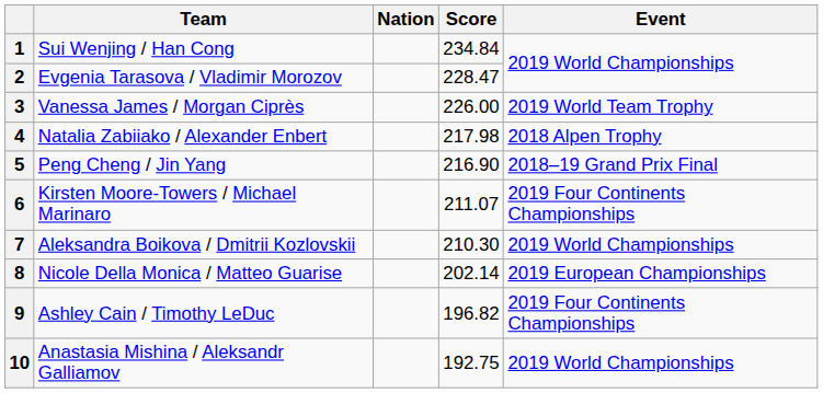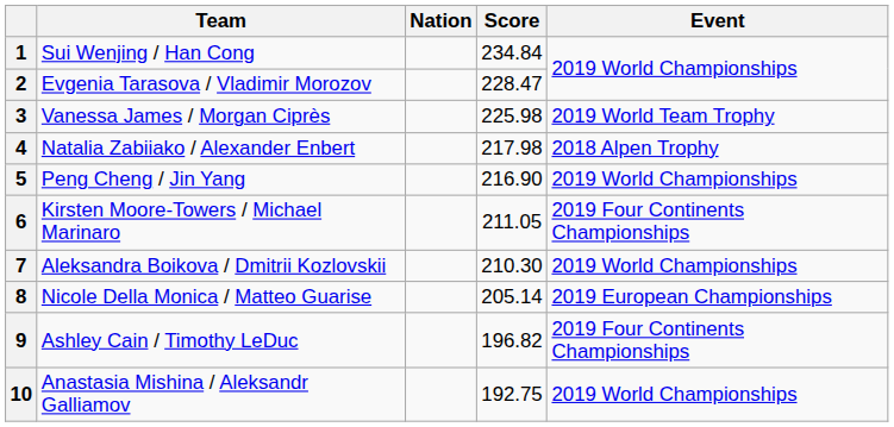 <table class="wikitable sortable" style="text-align:left; width:80%">
 <tr>
 <th scope="col"></th>
 <th scope="col">Team</th>
 <th scope="col">Nation</th>
 <th scope="col">Score</th>
 <th scope="col">Event</th>
 </tr>
 <tr>
 <th scope="row">1</th>
 <td><a href='#'>Sui Wenjing</a> / <a href='#'>Han Cong</a></td>
 <td></td>
 <td style="text-align:center;">234.84</td>
 <td rowspan="2"><a href='#'>2019 World Championships</a></td>
 </tr>
 <tr>
 <th scope="row">2</th>
 <td><a href='#'>Evgenia Tarasova</a> / <a href='#'>Vladimir Morozov</a></td>
 <td></td>
 <td style="text-align:center;">228.47</td>
 </tr>
 <tr>
 <th scope="row">3</th>
 <td><a href='#'>Vanessa James</a> / <a href='#'>Morgan Ciprès</a></td>
 <td></td>
-<td style="text-align:center;">226.00</td>
+<td style="text-align:center;">225.98</td>
 <td><a href='#'>2019 World Team Trophy</a></td>
 </tr>
 <tr>
 <th scope="row">4</th>
 <td><a href='#'>Natalia Zabiiako</a> / <a href='#'>Alexander Enbert</a></td>
 <td></td>
 <td style="text-align:center;">217.98</td>
 <td><a href='#'>2018 Alpen Trophy</a></td>
 </tr>
 <tr>
 <th scope="row">5</th>
 <td><a href='#'>Peng Cheng</a> / <a href='#'>Jin Yang</a></td>
 <td></td>
 <td style="text-align:center;">216.90</td>
-<td><a href='#'>2018–19 Grand Prix Final</a></td>
+<td><a href='#'>2019 World Championships</a></td>
 </tr>
 <tr>
 <th scope="row">6</th>
 <td><a href='#'>Kirsten Moore-Towers</a> / <a href='#'>Michael Marinaro</a></td>
 <td></td>
-<td style="text-align:center;">211.07</td>
+<td style="text-align:center;">211.05</td>
 <td><a href='#'>2019 Four Continents Championships</a></td>
 </tr>
 <tr>
 <th scope="row">7</th>
 <td><a href='#'>Aleksandra Boikova</a> / <a href='#'>Dmitrii Kozlovskii</a></td>
 <td></td>
 <td style="text-align:center;">210.30</td>
 <td><a href='#'>2019 World Championships</a></td>
 </tr>
 <tr>
 <th scope="row">8</th>
 <td><a href='#'>Nicole Della Monica</a> / <a href='#'>Matteo Guarise</a></td>
 <td></td>
-<td style="text-align:center;">202.14</td>
+<td style="text-align:center;">205.14</td>
 <td><a href='#'>2019 European Championships</a></td>
 </tr>
 <tr>
 <th scope="row">9</th>
 <td><a href='#'>Ashley Cain</a> / <a href='#'>Timothy LeDuc</a></td>
 <td></td>
 <td style="text-align:center;">196.82</td>
 <td><a href='#'>2019 Four Continents Championships</a></td>
 </tr>
 <tr>
 <th scope="row">10</th>
 <td><a href='#'>Anastasia Mishina</a> / <a href='#'>Aleksandr Galliamov</a></td>
 <td></td>
 <td style="text-align:center;">192.75</td>
 <td><a href='#'>2019 World Championships</a></td>
 </tr>
 </table>
